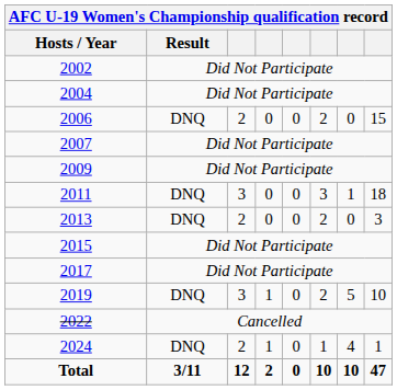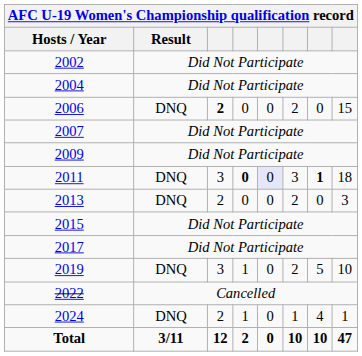 <table class="wikitable" style="text-align: center;">
 <tr>
 <th colspan=9><a href='#'>AFC U-19 Women's Championship qualification</a> record</th>
 </tr>
 <tr>
 <th>Hosts / Year</th>
 <th>Result</th>
 <th width=20></th>
 <th width=20></th>
 <th width=20></th>
 <th width=20></th>
 <th width=20></th>
 <th width=20></th>
 </tr>
 <tr>
 <td> <a href='#'>2002</a></td>
 <td colspan=10><em>Did Not Participate</em></td>
 </tr>
 <tr>
 <td> <a href='#'>2004</a></td>
 <td colspan=10><em>Did Not Participate</em></td>
 </tr>
 <tr>
 <td> <a href='#'>2006</a></td>
 <td>DNQ</td>
-<td>2</td>
+<td><strong>2</strong></td>
 <td>0</td>
 <td>0</td>
 <td>2</td>
 <td>0</td>
 <td>15</td>
 </tr>
 <tr>
 <td> <a href='#'>2007</a></td>
 <td colspan=10><em>Did Not Participate</em></td>
 </tr>
 <tr>
 <td> <a href='#'>2009</a></td>
 <td colspan=10><em>Did Not Participate</em></td>
 </tr>
 <tr>
 <td> <a href='#'>2011</a></td>
 <td>DNQ</td>
 <td>3</td>
-<td>0</td>
-<td>0</td>
+<td><strong>0</strong></td>
+<td style="background: lavender;">0</td>
 <td>3</td>
-<td>1</td>
+<td><strong>1</strong></td>
 <td>18</td>
 </tr>
 <tr>
 <td> <a href='#'>2013</a></td>
 <td>DNQ</td>
 <td>2</td>
 <td>0</td>
 <td>0</td>
 <td>2</td>
 <td>0</td>
 <td>3</td>
 </tr>
 <tr>
 <td> <a href='#'>2015</a></td>
 <td colspan=10><em>Did Not Participate</em></td>
 </tr>
 <tr>
 <td> <a href='#'>2017</a></td>
 <td colspan=10><em>Did Not Participate</em></td>
 </tr>
 <tr>
 <td> <a href='#'>2019</a></td>
 <td>DNQ</td>
 <td>3</td>
 <td>1</td>
 <td>0</td>
 <td>2</td>
 <td>5</td>
 <td>10</td>
 </tr>
 <tr>
 <td> <s> <a href='#'>2022</a></s></td>
 <td colspan=10><em>Cancelled</em></td>
 </tr>
 <tr>
 <td> <a href='#'>2024</a></td>
 <td>DNQ</td>
 <td>2</td>
 <td>1</td>
 <td>0</td>
 <td>1</td>
 <td>4</td>
 <td>1</td>
 </tr>
 <tr>
 <td><strong>Total</strong></td>
 <td><strong>3/11</strong></td>
 <td><strong>12</strong></td>
 <td><strong>2</strong></td>
 <td><strong>0</strong></td>
 <td><strong>10</strong></td>
 <td><strong>10</strong></td>
 <td><strong>47</strong></td>
 </tr>
 </table>
